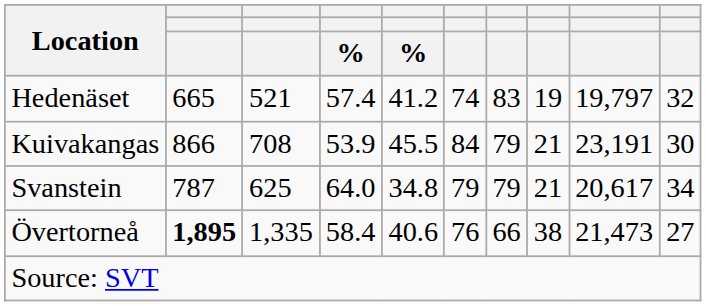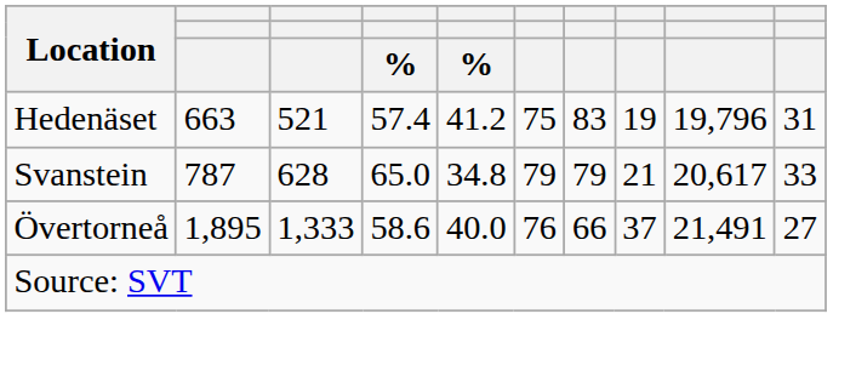 <table role="presentation" class="wikitable sortable mw-collapsible">
 <tr>
 <th rowspan="3">Location</th>
 <th></th>
 <th></th>
 <th></th>
 <th></th>
 <th></th>
 <th></th>
 <th></th>
 <th></th>
 <th></th>
 </tr>
 <tr>
 <th></th>
 <th></th>
 <th style="background:"></th>
 <th style="background:"></th>
 <th></th>
 <th></th>
 <th></th>
 <th></th>
 <th></th>
 </tr>
 <tr>
 <th data-sort-type="number"></th>
 <th data-sort-type="number"></th>
 <th data-sort-type="number">%</th>
 <th data-sort-type="number">%</th>
 <th data-sort-type="number"></th>
 <th data-sort-type="number"></th>
 <th data-sort-type="number"></th>
 <th data-sort-type="number"></th>
 <th data-sort-type="number"></th>
 </tr>
 <tr>
 <td align="left">Hedenäset</td>
-<td>665</td>
+<td>663</td>
 <td>521</td>
 <td>57.4</td>
 <td>41.2</td>
-<td>74</td>
+<td>75</td>
 <td>83</td>
 <td>19</td>
-<td>19,797</td>
-<td>32</td>
-</tr>
-<tr>
-<td align="left">Kuivakangas</td>
-<td>866</td>
-<td>708</td>
-<td>53.9</td>
-<td>45.5</td>
-<td>84</td>
-<td>79</td>
-<td>21</td>
-<td>23,191</td>
-<td>30</td>
+<td>19,796</td>
+<td>31</td>
 </tr>
 <tr>
 <td align="left">Svanstein</td>
 <td>787</td>
-<td>625</td>
-<td>64.0</td>
+<td>628</td>
+<td>65.0</td>
 <td>34.8</td>
 <td>79</td>
 <td>79</td>
 <td>21</td>
 <td>20,617</td>
-<td>34</td>
+<td>33</td>
 </tr>
 <tr>
 <td align="left">Övertorneå</td>
-<td><strong>1,895</strong></td>
-<td>1,335</td>
-<td>58.4</td>
-<td>40.6</td>
+<td>1,895</td>
+<td>1,333</td>
+<td>58.6</td>
+<td>40.0</td>
 <td>76</td>
 <td>66</td>
-<td>38</td>
-<td>21,473</td>
+<td>37</td>
+<td>21,491</td>
 <td>27</td>
 </tr>
 <tr>
 <td colspan="10" align="left">Source: <a href='#'>SVT</a></td>
 </tr>
 </table>
